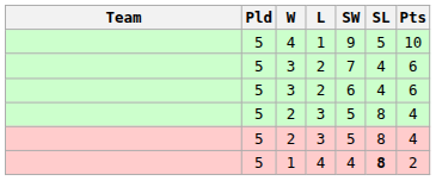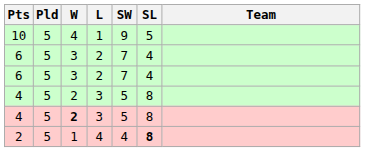 <table class=wikitable style="text-align:center">
 <tr>
-<th width=200>Team</th>
+<th width=20>Pts</th>
 <th width=20>Pld</th>
 <th width=20>W</th>
 <th width=20>L</th>
 <th width=20>SW</th>
 <th width=20>SL</th>
-<th width=20>Pts</th>
+<th width=200>Team</th>
 </tr>
 <tr bgcolor=#ccffcc>
-<td align=left></td>
+<td>10</td>
 <td>5</td>
 <td>4</td>
 <td>1</td>
 <td>9</td>
 <td>5</td>
-<td>10</td>
+<td align=left></td>
 </tr>
 <tr bgcolor=#ccffcc>
-<td align=left></td>
+<td>6</td>
 <td>5</td>
 <td>3</td>
 <td>2</td>
 <td>7</td>
 <td>4</td>
-<td>6</td>
+<td align=left></td>
 </tr>
 <tr bgcolor=#ccffcc>
-<td align=left></td>
+<td>6</td>
 <td>5</td>
 <td>3</td>
 <td>2</td>
-<td>6</td>
+<td>7</td>
 <td>4</td>
-<td>6</td>
+<td align=left></td>
 </tr>
 <tr bgcolor=#ccffcc>
-<td align=left></td>
+<td>4</td>
 <td>5</td>
 <td>2</td>
 <td>3</td>
 <td>5</td>
 <td>8</td>
-<td>4</td>
+<td align=left></td>
 </tr>
 <tr bgcolor=#ffcccc>
-<td align=left></td>
+<td>4</td>
 <td>5</td>
-<td>2</td>
+<td><strong>2</strong></td>
 <td>3</td>
 <td>5</td>
 <td>8</td>
-<td>4</td>
+<td align=left></td>
 </tr>
 <tr bgcolor=#ffcccc>
-<td align=left></td>
+<td>2</td>
 <td>5</td>
 <td>1</td>
 <td>4</td>
 <td>4</td>
 <td><strong>8</strong></td>
-<td>2</td>
+<td align=left></td>
 </tr>
 </table>
